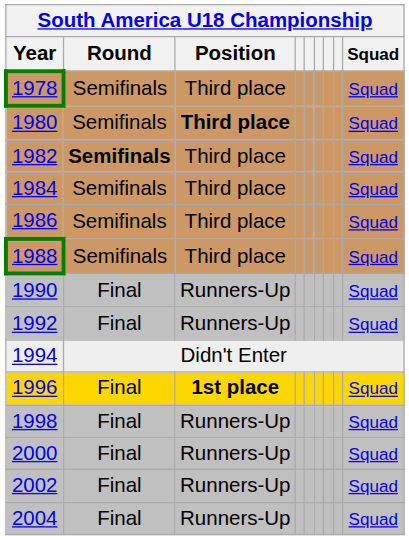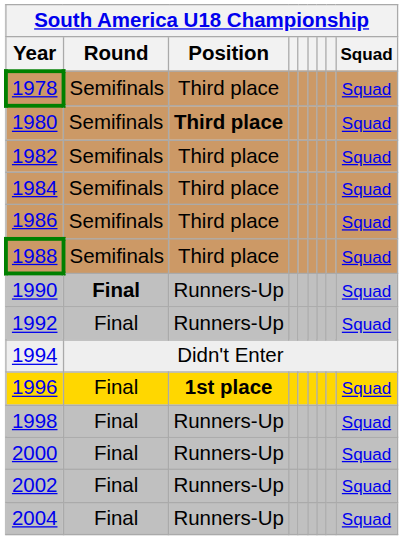 <table class="wikitable" style="text-align: center;">
 <tr>
 <th colspan=9><a href='#'>South America U18 Championship</a></th>
 </tr>
 <tr>
 <th>Year</th>
 <th>Round</th>
 <th>Position</th>
 <th></th>
 <th></th>
 <th></th>
 <th></th>
 <th></th>
 <th><small>Squad</small></th>
 </tr>
 <tr bgcolor=cc9966>
 <td Style="border:3px solid green"> <a href='#'>1978</a></td>
 <td>Semifinals</td>
 <td>Third place</td>
 <td></td>
 <td></td>
 <td></td>
 <td></td>
 <td></td>
 <td><small> <a href='#'>Squad</a></small></td>
 </tr>
 <tr bgcolor=cc9966>
 <td> <a href='#'>1980</a></td>
 <td>Semifinals</td>
 <td><strong>Third place</strong></td>
 <td></td>
 <td></td>
 <td></td>
 <td></td>
 <td></td>
 <td><small> <a href='#'>Squad</a></small></td>
 </tr>
 <tr bgcolor=cc9966>
 <td> <a href='#'>1982</a></td>
-<td><strong>Semifinals</strong></td>
+<td>Semifinals</td>
 <td>Third place</td>
 <td></td>
 <td></td>
 <td></td>
 <td></td>
 <td></td>
 <td><small> <a href='#'>Squad</a></small></td>
 </tr>
 <tr bgcolor=cc9966>
 <td> <a href='#'>1984</a></td>
 <td>Semifinals</td>
 <td>Third place</td>
 <td></td>
 <td></td>
 <td></td>
 <td></td>
 <td></td>
 <td><small> <a href='#'>Squad</a></small></td>
 </tr>
 <tr bgcolor=cc9966>
 <td> <a href='#'>1986</a></td>
 <td>Semifinals</td>
 <td>Third place</td>
 <td></td>
 <td></td>
 <td></td>
 <td></td>
 <td></td>
 <td><small> <a href='#'>Squad</a></small></td>
 </tr>
 <tr bgcolor=cc9966>
 <td Style="border:3px solid green"> <a href='#'>1988</a></td>
 <td>Semifinals</td>
 <td>Third place</td>
 <td></td>
 <td></td>
 <td></td>
 <td></td>
 <td></td>
 <td><small> <a href='#'>Squad</a></small></td>
 </tr>
 <tr bgcolor=silver>
 <td> <a href='#'>1990</a></td>
-<td>Final</td>
+<td><strong>Final</strong></td>
 <td>Runners-Up</td>
 <td></td>
 <td></td>
 <td></td>
 <td></td>
 <td></td>
 <td><small> <a href='#'>Squad</a></small></td>
 </tr>
 <tr bgcolor=silver>
 <td> <a href='#'>1992</a></td>
 <td>Final</td>
 <td>Runners-Up</td>
 <td></td>
 <td></td>
 <td></td>
 <td></td>
 <td></td>
 <td><small> <a href='#'>Squad</a></small></td>
 </tr>
 <tr bgcolor="efefef">
 <td> <a href='#'>1994</a></td>
 <td colspan=9>Didn't Enter</td>
 </tr>
 <tr bgcolor=gold>
 <td> <a href='#'>1996</a></td>
 <td>Final</td>
 <td><strong>1st place</strong></td>
 <td></td>
 <td></td>
 <td></td>
 <td></td>
 <td></td>
 <td><small> <a href='#'>Squad</a></small></td>
 </tr>
 <tr bgcolor=silver>
 <td> <a href='#'>1998</a></td>
 <td>Final</td>
 <td>Runners-Up</td>
 <td></td>
 <td></td>
 <td></td>
 <td></td>
 <td></td>
 <td><small> <a href='#'>Squad</a></small></td>
 </tr>
 <tr bgcolor=silver>
 <td> <a href='#'>2000</a></td>
 <td>Final</td>
 <td>Runners-Up</td>
 <td></td>
 <td></td>
 <td></td>
 <td></td>
 <td></td>
 <td><small> <a href='#'>Squad</a></small></td>
 </tr>
 <tr bgcolor=silver>
 <td> <a href='#'>2002</a></td>
 <td>Final</td>
 <td>Runners-Up</td>
 <td></td>
 <td></td>
 <td></td>
 <td></td>
 <td></td>
 <td><small> <a href='#'>Squad</a></small></td>
 </tr>
 <tr bgcolor=silver>
 <td> <a href='#'>2004</a></td>
 <td>Final</td>
 <td>Runners-Up</td>
 <td></td>
 <td></td>
 <td></td>
 <td></td>
 <td></td>
 <td><small> <a href='#'>Squad</a></small></td>
 </tr>
 </table>
